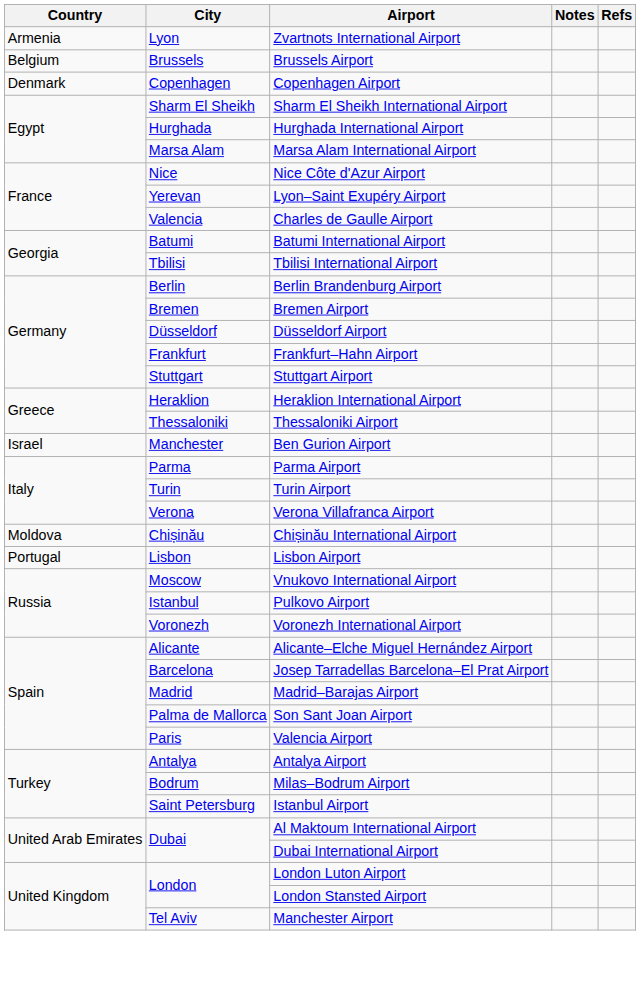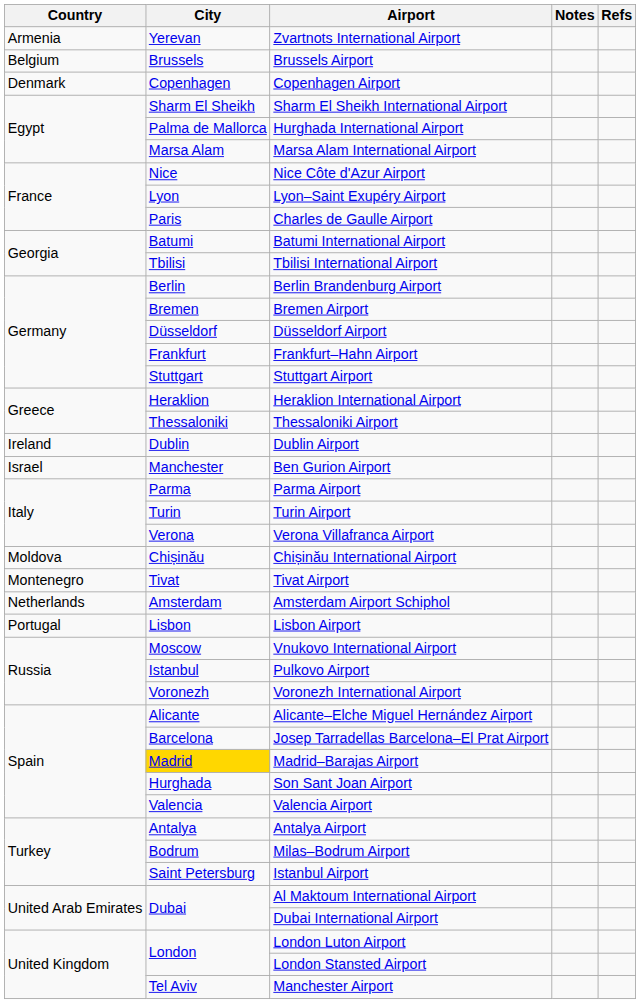 <table class="sortable wikitable">
 <tr>
 <th>Country</th>
 <th>City</th>
 <th>Airport</th>
 <th>Notes</th>
 <th class="unsortable">Refs</th>
 </tr>
 <tr>
 <td>Armenia</td>
-<td><a href='#'>Lyon</a></td>
+<td><a href='#'>Yerevan</a></td>
 <td><a href='#'>Zvartnots International Airport</a></td>
 <td></td>
 <td></td>
 </tr>
 <tr>
 <td>Belgium</td>
 <td><a href='#'>Brussels</a></td>
 <td><a href='#'>Brussels Airport</a></td>
 <td align=center></td>
 <td align=center></td>
 </tr>
 <tr>
 <td>Denmark</td>
 <td><a href='#'>Copenhagen</a></td>
 <td><a href='#'>Copenhagen Airport</a></td>
 <td></td>
 <td align=center></td>
 </tr>
 <tr>
 <td rowspan="3">Egypt</td>
 <td><a href='#'>Sharm El Sheikh</a></td>
 <td><a href='#'>Sharm El Sheikh International Airport</a></td>
 <td></td>
 <td align="center"></td>
 </tr>
 <tr>
-<td><a href='#'>Hurghada</a></td>
+<td><a href='#'>Palma de Mallorca</a></td>
 <td><a href='#'>Hurghada International Airport</a></td>
 <td></td>
 <td align="center"></td>
 </tr>
 <tr>
 <td><a href='#'>Marsa Alam</a></td>
 <td><a href='#'>Marsa Alam International Airport</a></td>
 <td></td>
 <td align="center"></td>
 </tr>
 <tr>
 <td rowspan="3">France</td>
 <td><a href='#'>Nice</a></td>
 <td><a href='#'>Nice Côte d'Azur Airport</a></td>
 <td></td>
 <td align=center></td>
 </tr>
 <tr>
-<td><a href='#'>Yerevan</a></td>
+<td><a href='#'>Lyon</a></td>
 <td><a href='#'>Lyon–Saint Exupéry Airport</a></td>
 <td></td>
 <td align=center></td>
 </tr>
 <tr>
-<td><a href='#'>Valencia</a></td>
+<td><a href='#'>Paris</a></td>
 <td><a href='#'>Charles de Gaulle Airport</a></td>
 <td align=center></td>
 <td align=center></td>
 </tr>
 <tr>
 <td rowspan="2">Georgia</td>
 <td><a href='#'>Batumi</a></td>
 <td><a href='#'>Batumi International Airport</a></td>
 <td></td>
 <td align=center></td>
 </tr>
 <tr>
 <td><a href='#'>Tbilisi</a></td>
 <td><a href='#'>Tbilisi International Airport</a></td>
 <td align=center></td>
 <td align=center></td>
 </tr>
 <tr>
 <td rowspan="5">Germany</td>
 <td><a href='#'>Berlin</a></td>
 <td><a href='#'>Berlin Brandenburg Airport</a></td>
 <td align=center></td>
 <td align=center></td>
 </tr>
 <tr>
 <td><a href='#'>Bremen</a></td>
 <td><a href='#'>Bremen Airport</a></td>
 <td></td>
 <td align=center></td>
 </tr>
 <tr>
 <td><a href='#'>Düsseldorf</a></td>
 <td><a href='#'>Düsseldorf Airport</a></td>
 <td align=center></td>
 <td align=center></td>
 </tr>
 <tr>
 <td><a href='#'>Frankfurt</a></td>
 <td><a href='#'>Frankfurt–Hahn Airport</a></td>
 <td align=center></td>
 <td align=center></td>
 </tr>
 <tr>
 <td><a href='#'>Stuttgart</a></td>
 <td><a href='#'>Stuttgart Airport</a></td>
 <td></td>
 <td align=center></td>
 </tr>
 <tr>
 <td rowspan="2">Greece</td>
 <td><a href='#'>Heraklion</a></td>
 <td><a href='#'>Heraklion International Airport</a></td>
 <td></td>
 <td align="center"></td>
 </tr>
 <tr>
 <td><a href='#'>Thessaloniki</a></td>
 <td><a href='#'>Thessaloniki Airport</a></td>
 <td align=center></td>
 <td align=center></td>
 </tr>
 <tr>
+<td>Ireland</td>
+<td><a href='#'>Dublin</a></td>
+<td><a href='#'>Dublin Airport</a></td>
+<td align=center></td>
+<td align=center></td>
+</tr>
+<tr>
 <td>Israel</td>
 <td><a href='#'>Manchester</a></td>
 <td><a href='#'>Ben Gurion Airport</a></td>
 <td align=center></td>
 <td align=center></td>
 </tr>
 <tr>
 <td rowspan="3">Italy</td>
 <td><a href='#'>Parma</a></td>
 <td><a href='#'>Parma Airport</a></td>
 <td align=center></td>
 <td align=center></td>
 </tr>
 <tr>
 <td><a href='#'>Turin</a></td>
 <td><a href='#'>Turin Airport</a></td>
 <td></td>
 <td align=center></td>
 </tr>
 <tr>
 <td><a href='#'>Verona</a></td>
 <td><a href='#'>Verona Villafranca Airport</a></td>
 <td align=center></td>
 <td align=center></td>
 </tr>
 <tr>
 <td>Moldova</td>
 <td><a href='#'>Chișinău</a></td>
 <td><a href='#'>Chișinău International Airport</a></td>
 <td></td>
+<td align=center></td>
+</tr>
+<tr>
+<td>Montenegro</td>
+<td><a href='#'>Tivat</a></td>
+<td><a href='#'>Tivat Airport</a></td>
+<td></td>
+<td></td>
+</tr>
+<tr>
+<td>Netherlands</td>
+<td><a href='#'>Amsterdam</a></td>
+<td><a href='#'>Amsterdam Airport Schiphol</a></td>
+<td align=center></td>
 <td align=center></td>
 </tr>
 <tr>
 <td>Portugal</td>
 <td><a href='#'>Lisbon</a></td>
 <td><a href='#'>Lisbon Airport</a></td>
 <td align=center></td>
 <td align=center></td>
 </tr>
 <tr>
 <td rowspan="3">Russia</td>
 <td><a href='#'>Moscow</a></td>
 <td><a href='#'>Vnukovo International Airport</a></td>
 <td></td>
 <td align=center></td>
 </tr>
 <tr>
 <td><a href='#'>Istanbul</a></td>
 <td><a href='#'>Pulkovo Airport</a></td>
 <td></td>
 <td align=center></td>
 </tr>
 <tr>
 <td><a href='#'>Voronezh</a></td>
 <td><a href='#'>Voronezh International Airport</a></td>
 <td></td>
 <td align=center></td>
 </tr>
 <tr>
 <td rowspan="5">Spain</td>
 <td><a href='#'>Alicante</a></td>
 <td><a href='#'>Alicante–Elche Miguel Hernández Airport</a></td>
 <td></td>
 <td align=center></td>
 </tr>
 <tr>
 <td><a href='#'>Barcelona</a></td>
 <td><a href='#'>Josep Tarradellas Barcelona–El Prat Airport</a></td>
 <td></td>
 <td></td>
 </tr>
 <tr>
-<td><a href='#'>Madrid</a></td>
+<td style="background: gold;"><a href='#'>Madrid</a></td>
 <td><a href='#'>Madrid–Barajas Airport</a></td>
 <td></td>
 <td></td>
 </tr>
 <tr>
-<td><a href='#'>Palma de Mallorca</a></td>
+<td><a href='#'>Hurghada</a></td>
 <td><a href='#'>Son Sant Joan Airport</a></td>
 <td></td>
 <td align=center></td>
 </tr>
 <tr>
-<td><a href='#'>Paris</a></td>
+<td><a href='#'>Valencia</a></td>
 <td><a href='#'>Valencia Airport</a></td>
 <td></td>
 <td></td>
 </tr>
 <tr>
 <td rowspan="3">Turkey</td>
 <td><a href='#'>Antalya</a></td>
 <td><a href='#'>Antalya Airport</a></td>
 <td></td>
 <td></td>
 </tr>
 <tr>
 <td><a href='#'>Bodrum</a></td>
 <td><a href='#'>Milas–Bodrum Airport</a></td>
 <td></td>
 <td></td>
 </tr>
 <tr>
 <td><a href='#'>Saint Petersburg</a></td>
 <td><a href='#'>Istanbul Airport</a></td>
 <td align=center></td>
 <td align=center></td>
 </tr>
 <tr>
 <td rowspan="2">United Arab Emirates</td>
 <td rowspan="2"><a href='#'>Dubai</a></td>
 <td><a href='#'>Al Maktoum International Airport</a></td>
 <td></td>
 <td align=center></td>
 </tr>
 <tr>
 <td><a href='#'>Dubai International Airport</a></td>
 <td align=center></td>
 <td align=center></td>
 </tr>
 <tr>
 <td rowspan="3">United Kingdom</td>
 <td rowspan="2"><a href='#'>London</a></td>
 <td><a href='#'>London Luton Airport</a></td>
 <td align=center></td>
 <td align=center></td>
 </tr>
 <tr>
 <td><a href='#'>London Stansted Airport</a></td>
 <td align=center></td>
 <td align=center></td>
 </tr>
 <tr>
 <td><a href='#'>Tel Aviv</a></td>
 <td><a href='#'>Manchester Airport</a></td>
 <td></td>
 <td></td>
 </tr>
 </table>
